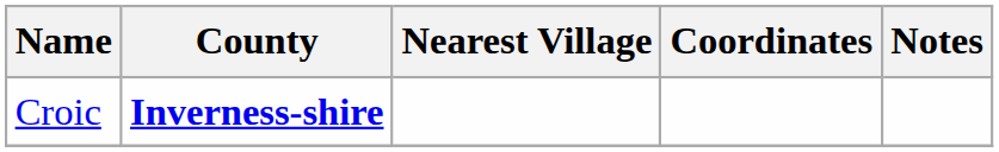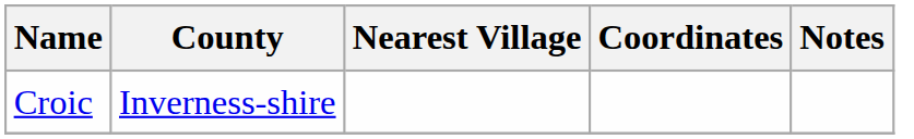 <table class="wikitable sortable" style="table-layout:fixed;background-color:#FEFEFE;font-size:95%;padding:0.30em;line-height:1.35em;">
 <tr>
 <th scope="col">Name</th>
 <th scope="col">County</th>
 <th scope="col">Nearest Village</th>
 <th scope="col" data-sort-type="number">Coordinates</th>
 <th scope="col">Notes</th>
 </tr>
 <tr>
 <td><a href='#'>Croic</a></td>
-<td><strong><a href='#'>Inverness-shire</a></strong></td>
+<td><a href='#'>Inverness-shire</a></td>
 <td></td>
 <td></td>
 <td></td>
 </tr>
 <tr>
 </tr>
 </table>
